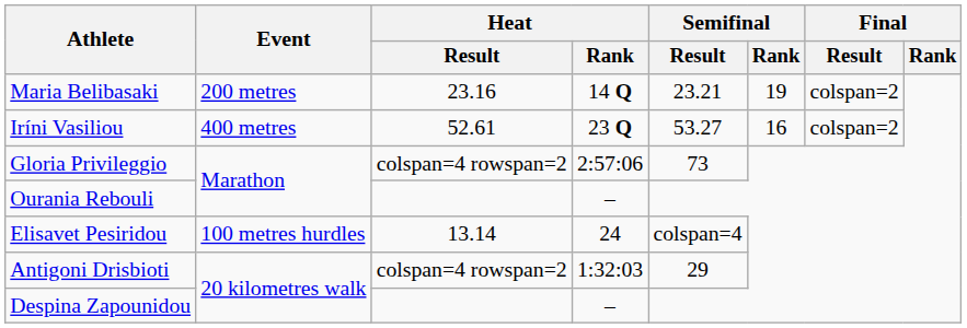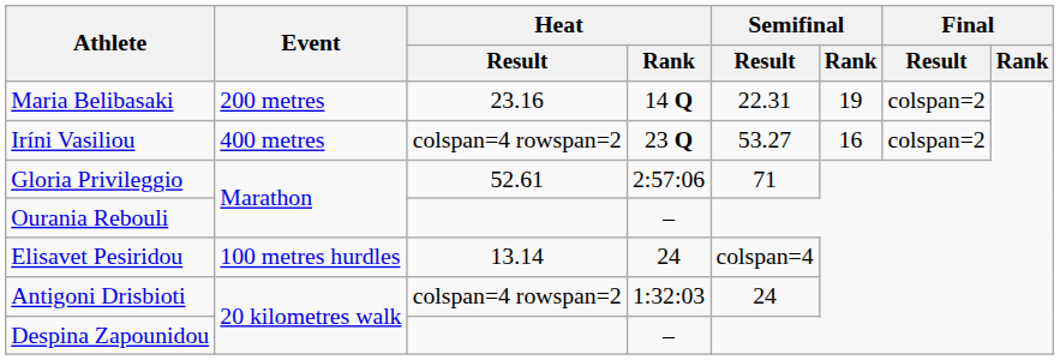 <table class="wikitable" style="font-size:90%">
 <tr>
 <th rowspan="2">Athlete</th>
 <th rowspan="2">Event</th>
 <th colspan="2">Heat</th>
 <th colspan="2">Semifinal</th>
 <th colspan="2">Final</th>
 </tr>
 <tr style="font-size:95%">
 <th>Result</th>
 <th>Rank</th>
 <th>Result</th>
 <th>Rank</th>
 <th>Result</th>
 <th>Rank</th>
 </tr>
 <tr style=text-align:center>
 <td style=text-align:left><a href='#'>Maria Belibasaki</a></td>
 <td style=text-align:left><a href='#'>200 metres</a></td>
 <td>23.16</td>
 <td>14 <strong>Q</strong></td>
-<td>23.21</td>
+<td>22.31</td>
 <td>19</td>
 <td>colspan=2 </td>
 </tr>
 <tr style=text-align:center>
 <td style=text-align:left><a href='#'>Iríni Vasiliou</a></td>
 <td style=text-align:left><a href='#'>400 metres</a></td>
-<td>52.61</td>
+<td>colspan=4 rowspan=2 </td>
 <td>23 <strong>Q</strong></td>
 <td>53.27</td>
 <td>16</td>
 <td>colspan=2 </td>
 </tr>
 <tr style=text-align:center>
 <td style=text-align:left><a href='#'>Gloria Privileggio</a></td>
 <td style=text-align:left rowspan=2><a href='#'>Marathon</a></td>
-<td>colspan=4 rowspan=2 </td>
+<td>52.61</td>
 <td>2:57:06</td>
-<td>73</td>
+<td>71</td>
 </tr>
 <tr style=text-align:center>
 <td style=text-align:left><a href='#'>Ourania Rebouli</a></td>
 <td></td>
 <td>–</td>
 </tr>
 <tr style=text-align:center>
 <td style=text-align:left><a href='#'>Elisavet Pesiridou</a></td>
 <td style=text-align:left><a href='#'>100 metres hurdles</a></td>
 <td>13.14</td>
 <td>24</td>
 <td>colspan=4 </td>
 </tr>
 <tr style=text-align:center>
 <td style=text-align:left><a href='#'>Antigoni Drisbioti</a></td>
 <td style=text-align:left rowspan=2><a href='#'>20 kilometres walk</a></td>
 <td>colspan=4 rowspan=2 </td>
 <td>1:32:03</td>
-<td>29</td>
+<td>24</td>
 </tr>
 <tr style=text-align:center>
 <td style=text-align:left><a href='#'>Despina Zapounidou</a></td>
 <td></td>
 <td>–</td>
 </tr>
 </table>
